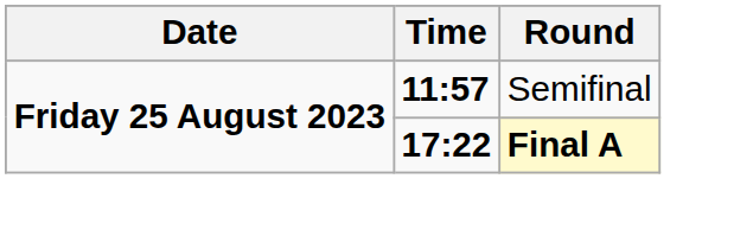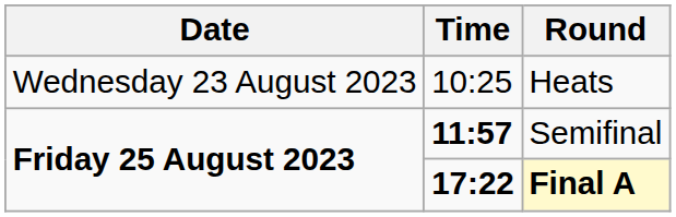 <table class="wikitable">
 <tr>
 <th>Date</th>
 <th>Time</th>
 <th>Round</th>
+</tr>
+<tr>
+<td>Wednesday 23 August 2023</td>
+<td>10:25</td>
+<td>Heats</td>
 </tr>
 <tr>
 <td rowspan=2><strong>Friday 25 August 2023</strong></td>
 <td><strong>11:57</strong></td>
 <td>Semifinal</td>
 </tr>
 <tr>
 <td><strong>17:22</strong></td>
 <td style=background:lemonchiffon><strong>Final A</strong></td>
 </tr>
 </table>
